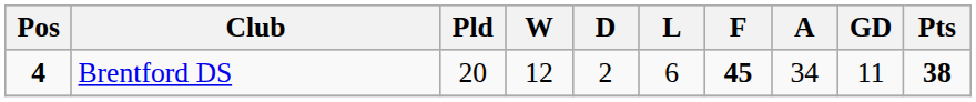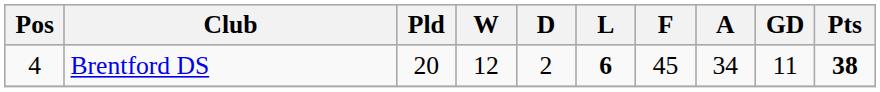 <table class="wikitable" style="text-align:center">
 <tr>
 <th width="30">Pos</th>
 <th width="200">Club</th>
 <th width="30">Pld</th>
 <th width="30">W</th>
 <th width="30">D</th>
 <th width="30">L</th>
 <th width="30">F</th>
 <th width="30">A</th>
 <th width="30">GD</th>
 <th width="30">Pts</th>
 </tr>
 <tr>
-<td><strong>4</strong></td>
+<td>4</td>
 <td style="text-align:left;"><a href='#'>Brentford DS</a></td>
 <td>20</td>
 <td>12</td>
 <td>2</td>
-<td>6</td>
-<td><strong>45</strong></td>
+<td><strong>6</strong></td>
+<td>45</td>
 <td>34</td>
 <td>11</td>
 <td><strong>38</strong></td>
 </tr>
 <tr>
 </tr>
 </table>
